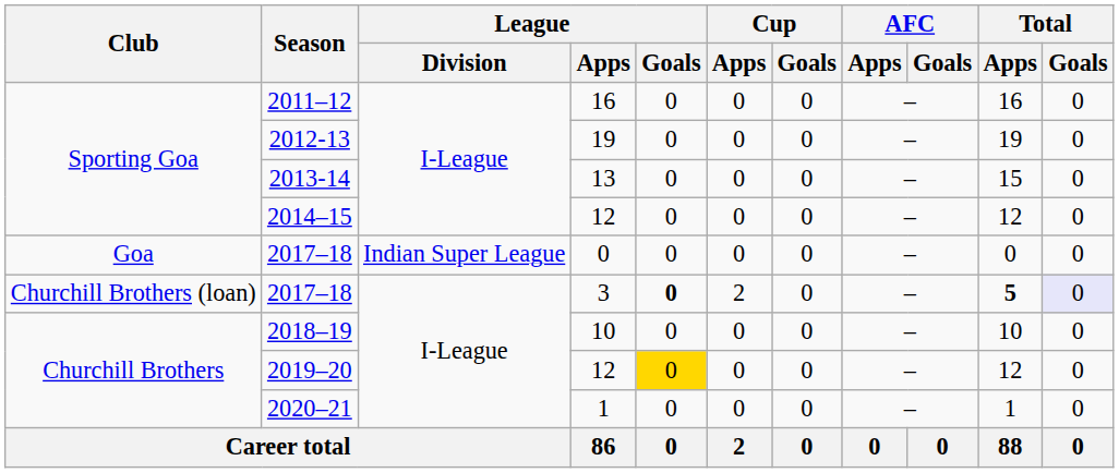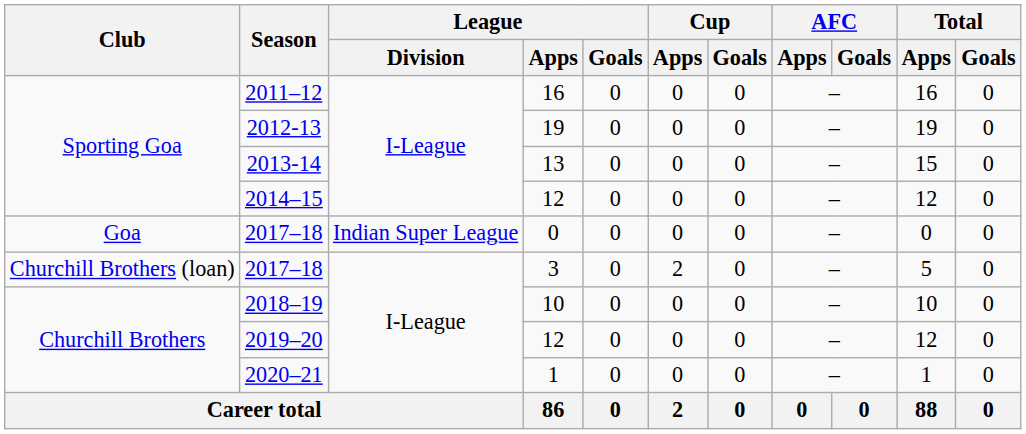 <table class="wikitable" style="font-size; text-align:center;">
 <tr>
 <th rowspan="2">Club</th>
 <th rowspan="2">Season</th>
 <th colspan="3">League</th>
 <th colspan="2">Cup</th>
 <th colspan="2"><a href='#'>AFC</a></th>
 <th colspan="2">Total</th>
 </tr>
 <tr>
 <th>Division</th>
 <th>Apps</th>
 <th>Goals</th>
 <th>Apps</th>
 <th>Goals</th>
 <th>Apps</th>
 <th>Goals</th>
 <th>Apps</th>
 <th>Goals</th>
 </tr>
 <tr>
 <td rowspan="4"><a href='#'>Sporting Goa</a></td>
 <td><a href='#'>2011–12</a></td>
 <td rowspan="4"><a href='#'>I-League</a></td>
 <td>16</td>
 <td>0</td>
 <td>0</td>
 <td>0</td>
 <td colspan="2">–</td>
 <td>16</td>
 <td>0</td>
 </tr>
 <tr>
 <td><a href='#'>2012-13</a></td>
 <td>19</td>
 <td>0</td>
 <td>0</td>
 <td>0</td>
 <td colspan="2">–</td>
 <td>19</td>
 <td>0</td>
 </tr>
 <tr>
 <td><a href='#'>2013-14</a></td>
 <td>13</td>
 <td>0</td>
 <td>0</td>
 <td>0</td>
 <td colspan="2">–</td>
 <td>15</td>
 <td>0</td>
 </tr>
 <tr>
 <td><a href='#'>2014–15</a></td>
 <td>12</td>
 <td>0</td>
 <td>0</td>
 <td>0</td>
 <td colspan="2">–</td>
 <td>12</td>
 <td>0</td>
 </tr>
 <tr>
 <td rowspan="1"><a href='#'>Goa</a></td>
 <td><a href='#'>2017–18</a></td>
 <td rowspan="1"><a href='#'>Indian Super League</a></td>
 <td>0</td>
 <td>0</td>
 <td>0</td>
 <td>0</td>
 <td colspan="2">–</td>
 <td>0</td>
 <td>0</td>
 </tr>
 <tr>
 <td rowspan="1"><a href='#'>Churchill Brothers</a> (loan)</td>
 <td><a href='#'>2017–18</a></td>
 <td rowspan="4">I-League</td>
 <td>3</td>
-<td><strong>0</strong></td>
+<td>0</td>
 <td>2</td>
 <td>0</td>
 <td colspan="2">–</td>
-<td><strong>5</strong></td>
-<td style="background: lavender;">0</td>
+<td>5</td>
+<td>0</td>
 </tr>
 <tr>
 <td rowspan="3"><a href='#'>Churchill Brothers</a></td>
 <td><a href='#'>2018–19</a></td>
 <td>10</td>
 <td>0</td>
 <td>0</td>
 <td>0</td>
 <td colspan="2">–</td>
 <td>10</td>
 <td>0</td>
 </tr>
 <tr>
 <td><a href='#'>2019–20</a></td>
 <td>12</td>
-<td style="background: gold;">0</td>
+<td>0</td>
 <td>0</td>
 <td>0</td>
 <td colspan="2">–</td>
 <td>12</td>
 <td>0</td>
 </tr>
 <tr>
 <td><a href='#'>2020–21</a></td>
 <td>1</td>
 <td>0</td>
 <td>0</td>
 <td>0</td>
 <td colspan="2">–</td>
 <td>1</td>
 <td>0</td>
 </tr>
 <tr>
 <th colspan="3">Career total</th>
 <th>86</th>
 <th>0</th>
 <th>2</th>
 <th>0</th>
 <th>0</th>
 <th>0</th>
 <th>88</th>
 <th>0</th>
 </tr>
 </table>
